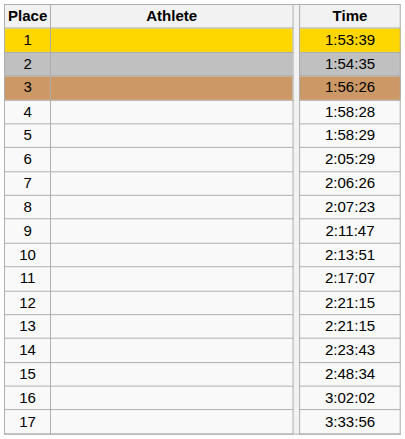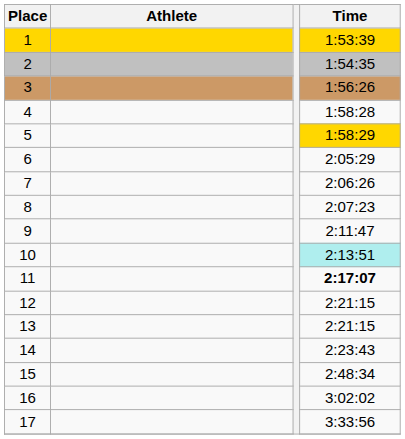 <table class="wikitable" style="text-align:center">
 <tr>
 <th>Place</th>
 <th width=250>Athlete</th>
 <th rowspan=27></th>
 <th width=100>Time</th>
 </tr>
 <tr bgcolor=gold>
 <td>1</td>
 <td align=left></td>
 <td>1:53:39</td>
 </tr>
 <tr bgcolor=silver>
 <td>2</td>
 <td align=left></td>
 <td>1:54:35</td>
 </tr>
 <tr bgcolor=cc9966>
 <td>3</td>
 <td align=left></td>
 <td>1:56:26</td>
 </tr>
 <tr>
 <td>4</td>
 <td align=left></td>
 <td>1:58:28</td>
 </tr>
 <tr>
 <td>5</td>
 <td align=left></td>
-<td>1:58:29</td>
+<td style="background: gold;">1:58:29</td>
 </tr>
 <tr>
 <td>6</td>
 <td align=left></td>
 <td>2:05:29</td>
 </tr>
 <tr>
 <td>7</td>
 <td align=left></td>
 <td>2:06:26</td>
 </tr>
 <tr>
 <td>8</td>
 <td align=left></td>
 <td>2:07:23</td>
 </tr>
 <tr>
 <td>9</td>
 <td align=left></td>
 <td>2:11:47</td>
 </tr>
 <tr>
 <td>10</td>
 <td align=left></td>
-<td>2:13:51</td>
+<td style="background: paleturquoise;">2:13:51</td>
 </tr>
 <tr>
 <td>11</td>
 <td align=left></td>
-<td>2:17:07</td>
+<td><strong>2:17:07</strong></td>
 </tr>
 <tr>
 <td>12</td>
 <td align=left></td>
 <td>2:21:15</td>
 </tr>
 <tr>
 <td>13</td>
 <td align=left></td>
 <td>2:21:15</td>
 </tr>
 <tr>
 <td>14</td>
 <td align=left></td>
 <td>2:23:43</td>
 </tr>
 <tr>
 <td>15</td>
 <td align=left></td>
 <td>2:48:34</td>
 </tr>
 <tr>
 <td>16</td>
 <td align=left></td>
 <td>3:02:02</td>
 </tr>
 <tr>
 <td>17</td>
 <td align=left></td>
 <td>3:33:56</td>
 </tr>
 <tr>
 </tr>
 </table>
